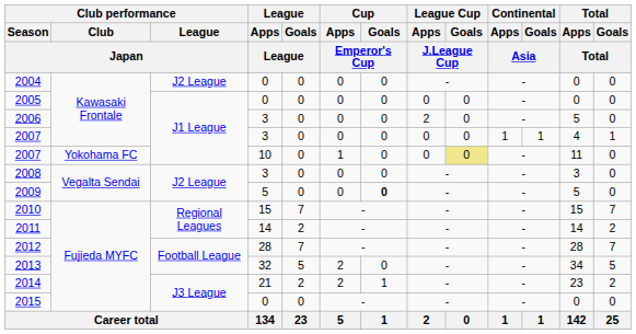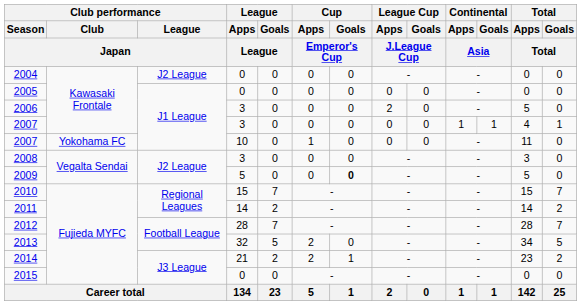 <table class="wikitable" style="text-align:center">
 <tr>
 <th colspan=3>Club performance</th>
 <th colspan=2>League</th>
 <th colspan=2>Cup</th>
 <th colspan=2>League Cup</th>
 <th colspan=2>Continental</th>
 <th colspan=2>Total</th>
 </tr>
 <tr>
 <th>Season</th>
 <th>Club</th>
 <th>League</th>
 <th>Apps</th>
 <th>Goals</th>
 <th>Apps</th>
 <th>Goals</th>
 <th>Apps</th>
 <th>Goals</th>
 <th>Apps</th>
 <th>Goals</th>
 <th>Apps</th>
 <th>Goals</th>
 </tr>
 <tr>
 <th colspan=3>Japan</th>
 <th colspan=2>League</th>
 <th colspan=2><a href='#'>Emperor's Cup</a></th>
 <th colspan=2><a href='#'>J.League Cup</a></th>
 <th colspan=2><a href='#'>Asia</a></th>
 <th colspan=2>Total</th>
 </tr>
 <tr>
 <td><a href='#'>2004</a></td>
 <td rowspan="4"><a href='#'>Kawasaki Frontale</a></td>
 <td><a href='#'>J2 League</a></td>
 <td>0</td>
 <td>0</td>
 <td>0</td>
 <td>0</td>
 <td colspan="2">-</td>
 <td colspan="2">-</td>
 <td>0</td>
 <td>0</td>
 </tr>
 <tr>
 <td><a href='#'>2005</a></td>
 <td rowspan="4"><a href='#'>J1 League</a></td>
 <td>0</td>
 <td>0</td>
 <td>0</td>
 <td>0</td>
 <td>0</td>
 <td>0</td>
 <td colspan="2">-</td>
 <td>0</td>
 <td>0</td>
 </tr>
 <tr>
 <td><a href='#'>2006</a></td>
 <td>3</td>
 <td>0</td>
 <td>0</td>
 <td>0</td>
 <td>2</td>
 <td>0</td>
 <td colspan="2">-</td>
 <td>5</td>
 <td>0</td>
 </tr>
 <tr>
 <td><a href='#'>2007</a></td>
 <td>3</td>
 <td>0</td>
 <td>0</td>
 <td>0</td>
 <td>0</td>
 <td>0</td>
 <td>1</td>
 <td>1</td>
 <td>4</td>
 <td>1</td>
 </tr>
 <tr>
 <td><a href='#'>2007</a></td>
 <td><a href='#'>Yokohama FC</a></td>
 <td>10</td>
 <td>0</td>
 <td>1</td>
 <td>0</td>
 <td>0</td>
-<td style="background: khaki;">0</td>
+<td>0</td>
 <td colspan="2">-</td>
 <td>11</td>
 <td>0</td>
 </tr>
 <tr>
 <td><a href='#'>2008</a></td>
 <td rowspan="2"><a href='#'>Vegalta Sendai</a></td>
 <td rowspan="2"><a href='#'>J2 League</a></td>
 <td>3</td>
 <td>0</td>
 <td>0</td>
 <td>0</td>
 <td colspan="2">-</td>
 <td colspan="2">-</td>
 <td>3</td>
 <td>0</td>
 </tr>
 <tr>
 <td><a href='#'>2009</a></td>
 <td>5</td>
 <td>0</td>
 <td>0</td>
 <td><strong>0</strong></td>
 <td colspan="2">-</td>
 <td colspan="2">-</td>
 <td>5</td>
 <td>0</td>
 </tr>
 <tr>
 <td><a href='#'>2010</a></td>
 <td rowspan="6"><a href='#'>Fujieda MYFC</a></td>
 <td rowspan="2"><a href='#'>Regional Leagues</a></td>
 <td>15</td>
 <td>7</td>
 <td colspan="2">-</td>
 <td colspan="2">-</td>
 <td colspan="2">-</td>
 <td>15</td>
 <td>7</td>
 </tr>
 <tr>
 <td><a href='#'>2011</a></td>
 <td>14</td>
 <td>2</td>
 <td colspan="2">-</td>
 <td colspan="2">-</td>
 <td colspan="2">-</td>
 <td>14</td>
 <td>2</td>
 </tr>
 <tr>
 <td><a href='#'>2012</a></td>
 <td rowspan="2"><a href='#'>Football League</a></td>
 <td>28</td>
 <td>7</td>
 <td colspan="2">-</td>
 <td colspan="2">-</td>
 <td colspan="2">-</td>
 <td>28</td>
 <td>7</td>
 </tr>
 <tr>
 <td><a href='#'>2013</a></td>
 <td>32</td>
 <td>5</td>
 <td>2</td>
 <td>0</td>
 <td colspan="2">-</td>
 <td colspan="2">-</td>
 <td>34</td>
 <td>5</td>
 </tr>
 <tr>
 <td><a href='#'>2014</a></td>
 <td rowspan="2"><a href='#'>J3 League</a></td>
 <td>21</td>
 <td>2</td>
 <td>2</td>
 <td>1</td>
 <td colspan="2">-</td>
 <td colspan="2">-</td>
 <td>23</td>
 <td>2</td>
 </tr>
 <tr>
 <td><a href='#'>2015</a></td>
 <td>0</td>
 <td>0</td>
 <td colspan="2">-</td>
 <td colspan="2">-</td>
 <td colspan="2">-</td>
 <td>0</td>
 <td>0</td>
 </tr>
 <tr>
 <th colspan=3>Career total</th>
 <th>134</th>
 <th>23</th>
 <th>5</th>
 <th>1</th>
 <th>2</th>
 <th>0</th>
 <th>1</th>
 <th>1</th>
 <th>142</th>
 <th>25</th>
 </tr>
 </table>
